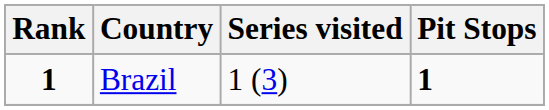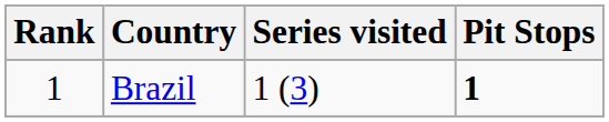 <table class="wikitable">
 <tr>
 <th>Rank</th>
 <th>Country</th>
 <th>Series visited</th>
 <th>Pit Stops</th>
 </tr>
 <tr>
-<td style="text-align:center;"><strong>1</strong></td>
+<td style="text-align:center;">1</td>
 <td><a href='#'>Brazil</a></td>
 <td>1 (<a href='#'>3</a>)</td>
 <td><strong>1</strong></td>
 </tr>
 <tr>
 </tr>
 </table>
